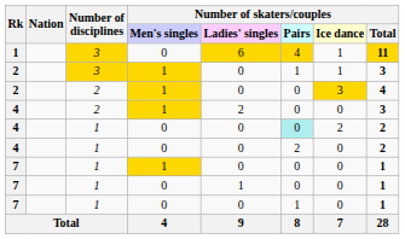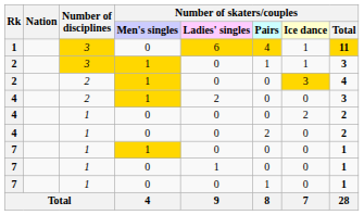 <table class="wikitable sortable" style="text-align: center;">
 <tr>
 <th rowspan="2">Rk</th>
 <th rowspan="2">Nation</th>
 <th rowspan="2">Number of<br>disciplines</th>
 <th colspan="5">Number of skaters/couples</th>
 </tr>
 <tr>
 <th style="background-color: #ccf;">Men's singles</th>
 <th style="background-color: #fcf;">Ladies' singles</th>
 <th style="background-color: #cff;">Pairs</th>
 <th style="background-color: #ffc;">Ice dance</th>
 <th>Total</th>
 </tr>
 <tr>
 <th>1</th>
 <td></td>
 <td style="background-color: gold;"><em>3</em></td>
 <td>0</td>
 <td style="background-color: gold;">6</td>
 <td style="background-color: gold;">4</td>
 <td>1</td>
 <td style="background-color: gold;"><strong>11</strong></td>
 </tr>
 <tr>
 <th>2</th>
 <td></td>
 <td style="background-color: gold;"><em>3</em></td>
 <td style="background-color: gold;">1</td>
 <td>0</td>
 <td>1</td>
 <td>1</td>
 <td><strong>3</strong></td>
 </tr>
 <tr>
 <th>2</th>
 <td></td>
 <td><em>2</em></td>
 <td style="background-color: gold;">1</td>
 <td>0</td>
 <td>0</td>
 <td style="background-color: gold;">3</td>
 <td><strong>4</strong></td>
 </tr>
 <tr>
 <th>4</th>
 <td></td>
 <td><em>2</em></td>
 <td style="background-color: gold;">1</td>
 <td>2</td>
 <td>0</td>
 <td>0</td>
 <td><strong>3</strong></td>
 </tr>
 <tr>
 <th>4</th>
 <td></td>
 <td><em>1</em></td>
 <td>0</td>
 <td>0</td>
-<td style="background: paleturquoise;">0</td>
+<td>0</td>
 <td>2</td>
 <td><strong>2</strong></td>
 </tr>
 <tr>
 <th>4</th>
 <td></td>
 <td><em>1</em></td>
 <td>0</td>
 <td>0</td>
 <td>2</td>
 <td>0</td>
 <td><strong>2</strong></td>
 </tr>
 <tr>
 <th>7</th>
 <td></td>
 <td><em>1</em></td>
 <td style="background-color: gold;">1</td>
 <td>0</td>
 <td>0</td>
 <td>0</td>
 <td><strong>1</strong></td>
 </tr>
 <tr>
 <th>7</th>
 <td></td>
 <td><em>1</em></td>
 <td>0</td>
 <td>1</td>
 <td>0</td>
 <td>0</td>
 <td><strong>1</strong></td>
 </tr>
 <tr>
 <th>7</th>
 <td></td>
 <td><em>1</em></td>
 <td>0</td>
 <td>0</td>
 <td>1</td>
 <td>0</td>
 <td><strong>1</strong></td>
 </tr>
 <tr class="sortbottom">
 <th colspan="3">Total</th>
 <th>4</th>
 <th>9</th>
 <th>8</th>
 <th>7</th>
 <th>28</th>
 </tr>
 </table>
